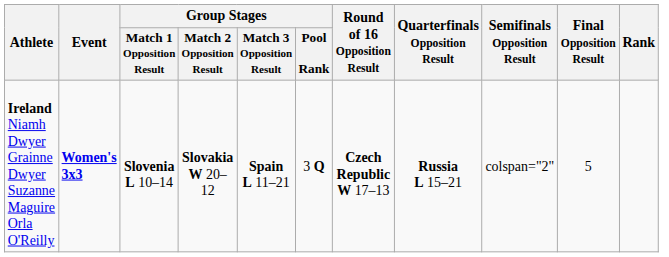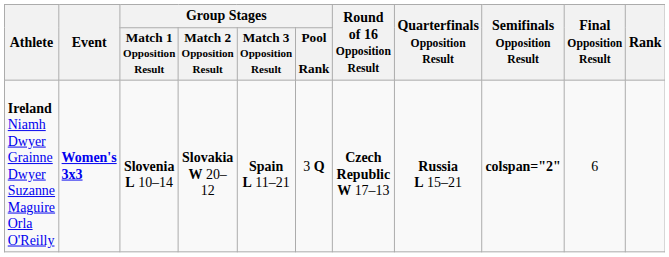 <table class="wikitable" style="font-size:90%;">
 <tr>
 <th rowspan=2>Athlete</th>
 <th rowspan=2>Event</th>
 <th colspan="4">Group Stages</th>
 <th rowspan="2">Round of 16 <small><br>Opposition<br>Result</small></th>
 <th rowspan="2">Quarterfinals <small><br>Opposition<br>Result</small></th>
 <th rowspan="2">Semifinals <small><br>Opposition<br>Result</small></th>
 <th rowspan="2">Final <small><br>Opposition<br>Result</small></th>
 <th rowspan="2">Rank</th>
 </tr>
 <tr style="font-size:95%">
 <th>Match 1 <small><br>Opposition<br>Result</small></th>
 <th>Match 2 <small><br>Opposition<br>Result</small></th>
 <th>Match 3 <small><br>Opposition<br>Result</small></th>
 <th>Pool<br> <br>Rank</th>
 </tr>
 <tr align=center>
 <td align=left><br><strong>Ireland</strong><br><a href='#'>Niamh Dwyer</a><br> <a href='#'>Grainne Dwyer</a><br> <a href='#'>Suzanne Maguire</a><br> <a href='#'>Orla O'Reilly</a></td>
 <td align=left><strong><a href='#'>Women's 3x3</a></strong></td>
 <td><br><strong>Slovenia</strong><br> <strong>L</strong> 10–14</td>
 <td><br><strong>Slovakia</strong><br> <strong>W</strong> 20–12</td>
 <td><br><strong>Spain</strong><br> <strong>L</strong> 11–21</td>
 <td>3 <strong>Q</strong></td>
 <td><br><strong>Czech Republic</strong><br> <strong>W</strong> 17–13</td>
 <td><br><strong>Russia</strong><br> <strong>L</strong> 15–21</td>
-<td>colspan="2" </td>
-<td>5</td>
+<td><strong>colspan="2" </strong></td>
+<td>6</td>
 </tr>
 </table>
